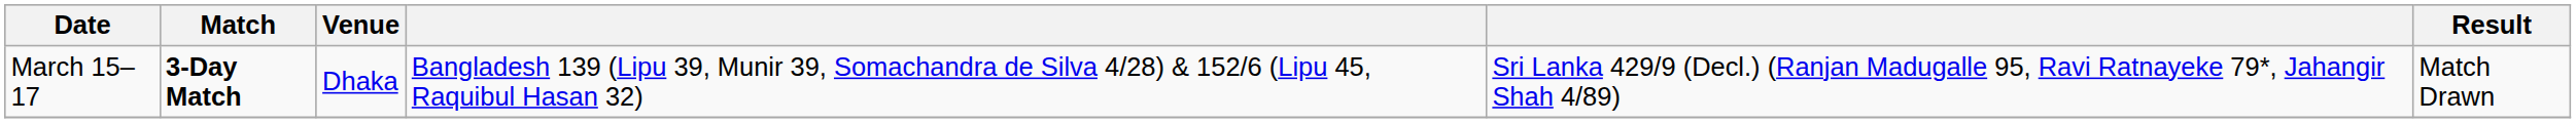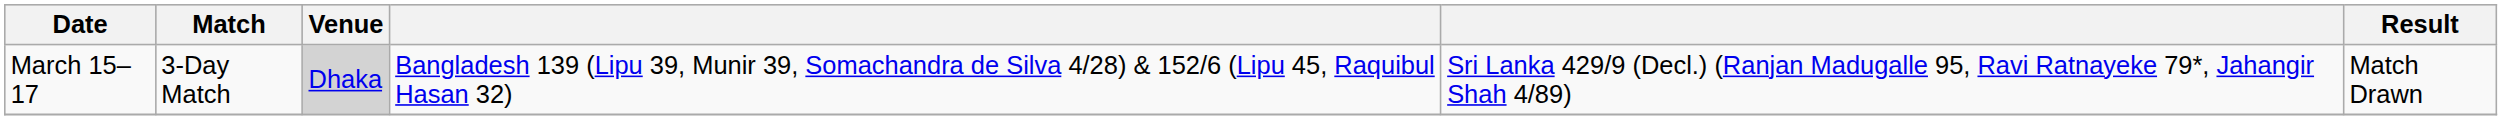 <table class="wikitable">
 <tr>
 <th>Date</th>
 <th>Match</th>
 <th>Venue</th>
 <th></th>
 <th></th>
 <th>Result</th>
 </tr>
 <tr>
 <td>March 15–17</td>
-<td><strong>3-Day Match</strong></td>
-<td><a href='#'>Dhaka</a></td>
+<td>3-Day Match</td>
+<td style="background: lightgrey;"><a href='#'>Dhaka</a></td>
 <td><a href='#'>Bangladesh</a> 139 (<a href='#'>Lipu</a> 39, Munir 39, <a href='#'>Somachandra de Silva</a> 4/28) & 152/6 (<a href='#'>Lipu</a> 45, <a href='#'>Raquibul Hasan</a> 32)</td>
 <td><a href='#'>Sri Lanka</a> 429/9 (Decl.) (<a href='#'>Ranjan Madugalle</a> 95, <a href='#'>Ravi Ratnayeke</a> 79*, <a href='#'>Jahangir Shah</a> 4/89)</td>
 <td>Match Drawn</td>
 </tr>
 <tr>
 </tr>
 </table>
